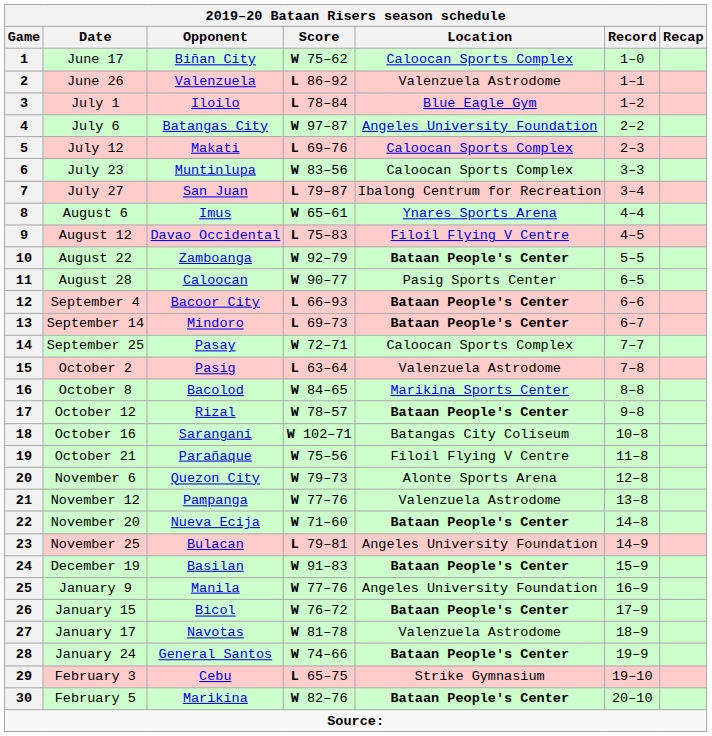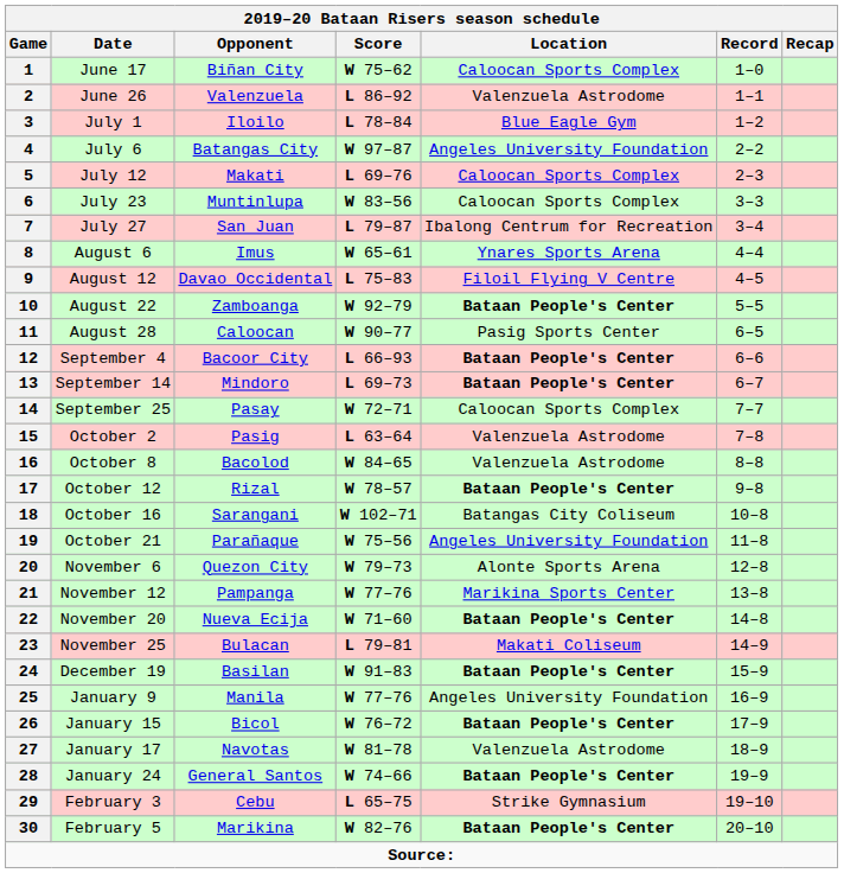 <table class="wikitable" style="text-align:center">
 <tr>
 <th colspan=7>2019–20 Bataan Risers season schedule</th>
 </tr>
 <tr>
 <th>Game</th>
 <th>Date</th>
 <th>Opponent</th>
 <th>Score</th>
 <th>Location</th>
 <th>Record</th>
 <th>Recap<br></th>
 </tr>
 <tr style="background:#cfc">
 <th>1</th>
 <td>June 17</td>
 <td><a href='#'>Biñan City</a></td>
 <td><strong>W</strong> 75–62</td>
 <td><a href='#'>Caloocan Sports Complex</a></td>
 <td>1–0</td>
 <td></td>
 </tr>
 <tr style="background:#fcc">
 <th>2</th>
 <td>June 26</td>
 <td><a href='#'>Valenzuela</a></td>
 <td><strong>L</strong> 86–92</td>
 <td>Valenzuela Astrodome</td>
 <td>1–1</td>
 <td></td>
 </tr>
 <tr style="background:#fcc">
 <th>3</th>
 <td>July 1</td>
 <td><a href='#'>Iloilo</a></td>
 <td><strong>L</strong> 78–84</td>
 <td><a href='#'>Blue Eagle Gym</a></td>
 <td>1–2</td>
 <td></td>
 </tr>
 <tr style="background:#cfc">
 <th>4</th>
 <td>July 6</td>
 <td><a href='#'>Batangas City</a></td>
 <td><strong>W</strong> 97–87</td>
 <td><a href='#'>Angeles University Foundation</a></td>
 <td>2–2</td>
 <td></td>
 </tr>
 <tr style="background:#fcc">
 <th>5</th>
 <td>July 12</td>
 <td><a href='#'>Makati</a></td>
 <td><strong>L</strong> 69–76</td>
 <td><a href='#'>Caloocan Sports Complex</a></td>
 <td>2–3</td>
 <td></td>
 </tr>
 <tr style="background:#cfc">
 <th>6</th>
 <td>July 23</td>
 <td><a href='#'>Muntinlupa</a></td>
 <td><strong>W</strong> 83–56</td>
 <td>Caloocan Sports Complex</td>
 <td>3–3</td>
 <td></td>
 </tr>
 <tr style="background:#fcc">
 <th>7</th>
 <td>July 27</td>
 <td><a href='#'>San Juan</a></td>
 <td><strong>L</strong> 79–87</td>
 <td>Ibalong Centrum for Recreation</td>
 <td>3–4</td>
 <td></td>
 </tr>
 <tr style="background:#cfc">
 <th>8</th>
 <td>August 6</td>
 <td><a href='#'>Imus</a></td>
 <td><strong>W</strong> 65–61</td>
 <td><a href='#'>Ynares Sports Arena</a></td>
 <td>4–4</td>
 <td></td>
 </tr>
 <tr style="background:#fcc">
 <th>9</th>
 <td>August 12</td>
 <td><a href='#'>Davao Occidental</a></td>
 <td><strong>L</strong> 75–83</td>
 <td><a href='#'>Filoil Flying V Centre</a></td>
 <td>4–5</td>
 <td></td>
 </tr>
 <tr style="background:#cfc">
 <th>10</th>
 <td>August 22</td>
 <td><a href='#'>Zamboanga</a></td>
 <td><strong>W</strong> 92–79</td>
 <td><strong>Bataan People's Center</strong></td>
 <td>5–5</td>
 <td></td>
 </tr>
 <tr style="background:#cfc">
 <th>11</th>
 <td>August 28</td>
 <td><a href='#'>Caloocan</a></td>
 <td><strong>W</strong> 90–77</td>
 <td>Pasig Sports Center</td>
 <td>6–5</td>
 <td><br></td>
 </tr>
 <tr style="background:#fcc">
 <th>12</th>
 <td>September 4</td>
 <td><a href='#'>Bacoor City</a></td>
 <td><strong>L</strong> 66–93</td>
 <td><strong>Bataan People's Center</strong></td>
 <td>6–6</td>
 <td></td>
 </tr>
 <tr style="background:#fcc">
 <th>13</th>
 <td>September 14</td>
 <td><a href='#'>Mindoro</a></td>
 <td><strong>L</strong> 69–73</td>
 <td><strong>Bataan People's Center</strong></td>
 <td>6–7</td>
 <td></td>
 </tr>
 <tr style="background:#cfc">
 <th>14</th>
 <td>September 25</td>
 <td><a href='#'>Pasay</a></td>
 <td><strong>W</strong> 72–71</td>
 <td>Caloocan Sports Complex</td>
 <td>7–7</td>
 <td></td>
 </tr>
 <tr style="background:#fcc">
 <th>15</th>
 <td>October 2</td>
 <td><a href='#'>Pasig</a></td>
 <td><strong>L</strong> 63–64</td>
 <td>Valenzuela Astrodome</td>
 <td>7–8</td>
 <td></td>
 </tr>
 <tr style="background:#cfc">
 <th>16</th>
 <td>October 8</td>
 <td><a href='#'>Bacolod</a></td>
 <td><strong>W</strong> 84–65</td>
-<td><a href='#'>Marikina Sports Center</a></td>
+<td>Valenzuela Astrodome</td>
 <td>8–8</td>
 <td></td>
 </tr>
 <tr style="background:#cfc">
 <th>17</th>
 <td>October 12</td>
 <td><a href='#'>Rizal</a></td>
 <td><strong>W</strong> 78–57</td>
 <td><strong>Bataan People's Center</strong></td>
 <td>9–8</td>
 <td></td>
 </tr>
 <tr style="background:#cfc">
 <th>18</th>
 <td>October 16</td>
 <td><a href='#'>Sarangani</a></td>
 <td><strong>W</strong> 102–71</td>
 <td>Batangas City Coliseum</td>
 <td>10–8</td>
 <td></td>
 </tr>
 <tr style="background:#cfc">
 <th>19</th>
 <td>October 21</td>
 <td><a href='#'>Parañaque</a></td>
 <td><strong>W</strong> 75–56</td>
-<td>Filoil Flying V Centre</td>
+<td><a href='#'>Angeles University Foundation</a></td>
 <td>11–8</td>
 <td></td>
 </tr>
 <tr style="background:#cfc">
 <th>20</th>
 <td>November 6</td>
 <td><a href='#'>Quezon City</a></td>
 <td><strong>W</strong> 79–73</td>
 <td>Alonte Sports Arena</td>
 <td>12–8</td>
 <td></td>
 </tr>
 <tr style="background:#cfc">
 <th>21</th>
 <td>November 12</td>
 <td><a href='#'>Pampanga</a></td>
 <td><strong>W</strong> 77–76</td>
-<td>Valenzuela Astrodome</td>
+<td><a href='#'>Marikina Sports Center</a></td>
 <td>13–8</td>
 <td></td>
 </tr>
 <tr style="background:#cfc">
 <th>22</th>
 <td>November 20</td>
 <td><a href='#'>Nueva Ecija</a></td>
 <td><strong>W</strong> 71–60</td>
 <td><strong>Bataan People's Center</strong></td>
 <td>14–8</td>
 <td></td>
 </tr>
 <tr style="background:#fcc">
 <th>23</th>
 <td>November 25</td>
 <td><a href='#'>Bulacan</a></td>
 <td><strong>L</strong> 79–81</td>
-<td>Angeles University Foundation</td>
+<td><a href='#'>Makati Coliseum</a></td>
 <td>14–9</td>
 <td><br></td>
 </tr>
 <tr style="background:#cfc">
 <th>24</th>
 <td>December 19</td>
 <td><a href='#'>Basilan</a></td>
 <td><strong>W</strong> 91–83</td>
 <td><strong>Bataan People's Center</strong></td>
 <td>15–9</td>
 <td></td>
 </tr>
 <tr style="background:#cfc">
 <th>25</th>
 <td>January 9</td>
 <td><a href='#'>Manila</a></td>
 <td><strong>W</strong> 77–76</td>
 <td>Angeles University Foundation</td>
 <td>16–9</td>
 <td></td>
 </tr>
 <tr style="background:#cfc">
 <th>26</th>
 <td>January 15</td>
 <td><a href='#'>Bicol</a></td>
 <td><strong>W</strong> 76–72</td>
 <td><strong>Bataan People's Center</strong></td>
 <td>17–9</td>
 <td></td>
 </tr>
 <tr style="background:#cfc">
 <th>27</th>
 <td>January 17</td>
 <td><a href='#'>Navotas</a></td>
 <td><strong>W</strong> 81–78</td>
 <td>Valenzuela Astrodome</td>
 <td>18–9</td>
 <td></td>
 </tr>
 <tr style="background:#cfc">
 <th>28</th>
 <td>January 24</td>
 <td><a href='#'>General Santos</a></td>
 <td><strong>W</strong> 74–66</td>
 <td><strong>Bataan People's Center</strong></td>
 <td>19–9</td>
 <td></td>
 </tr>
 <tr style="background:#fcc">
 <th>29</th>
 <td>February 3</td>
 <td><a href='#'>Cebu</a></td>
 <td><strong>L</strong> 65–75</td>
 <td>Strike Gymnasium</td>
 <td>19–10</td>
 <td></td>
 </tr>
 <tr style="background:#cfc">
 <th>30</th>
 <td>February 5</td>
 <td><a href='#'>Marikina</a></td>
 <td><strong>W</strong> 82–76</td>
 <td><strong>Bataan People's Center</strong></td>
 <td>20–10</td>
 <td></td>
 </tr>
 <tr>
 <td colspan=7 align=center><strong>Source: </strong></td>
 </tr>
 </table>
